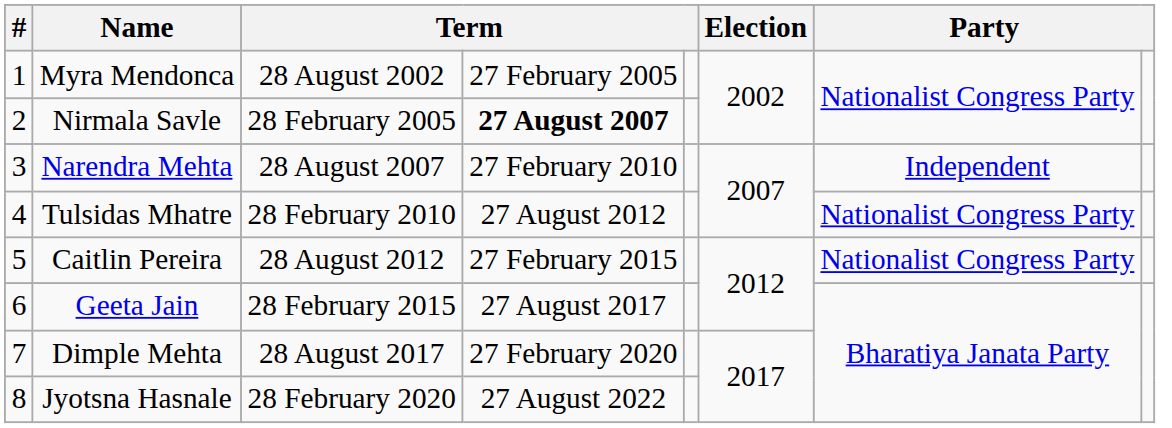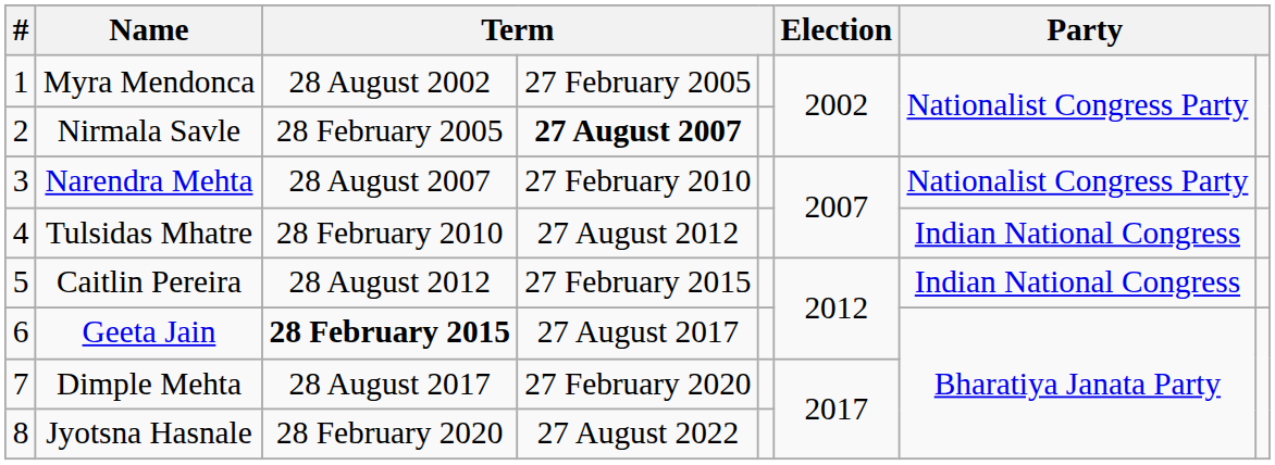 <table class="wikitable">
 <tr style="text-align:center">
 <th>#</th>
 <th>Name</th>
 <th colspan="3">Term</th>
 <th>Election</th>
 <th colspan="2">Party</th>
 </tr>
 <tr style="text-align:center">
 <td>1</td>
 <td>Myra Mendonca</td>
 <td>28 August 2002</td>
 <td>27 February 2005</td>
 <td></td>
 <td rowspan=2>2002</td>
 <td rowspan=2><a href='#'>Nationalist Congress Party</a></td>
 <td rowspan=2></td>
 </tr>
 <tr style="text-align:center">
 <td>2</td>
 <td>Nirmala Savle</td>
 <td>28 February 2005</td>
 <td><strong>27 August 2007</strong></td>
 <td></td>
 </tr>
 <tr style="text-align:center">
 <td>3</td>
 <td><a href='#'>Narendra Mehta</a></td>
 <td>28 August 2007</td>
 <td>27 February 2010</td>
 <td></td>
 <td rowspan=2>2007</td>
-<td><a href='#'>Independent</a></td>
+<td><a href='#'>Nationalist Congress Party</a></td>
 <td></td>
 </tr>
 <tr style="text-align:center">
 <td>4</td>
 <td>Tulsidas Mhatre</td>
 <td>28 February 2010</td>
 <td>27 August 2012</td>
 <td></td>
-<td><a href='#'>Nationalist Congress Party</a></td>
+<td><a href='#'>Indian National Congress</a></td>
 <td></td>
 </tr>
 <tr style="text-align:center">
 <td>5</td>
 <td>Caitlin Pereira</td>
 <td>28 August 2012</td>
 <td>27 February 2015</td>
 <td></td>
 <td rowspan=2>2012</td>
-<td><a href='#'>Nationalist Congress Party</a></td>
+<td><a href='#'>Indian National Congress</a></td>
 <td></td>
 </tr>
 <tr style="text-align:center">
 <td>6</td>
 <td><a href='#'>Geeta Jain</a></td>
-<td>28 February 2015</td>
+<td><strong>28 February 2015</strong></td>
 <td>27 August 2017</td>
 <td></td>
 <td rowspan=3><a href='#'>Bharatiya Janata Party</a></td>
 <td rowspan=3></td>
 </tr>
 <tr style="text-align:center">
 <td>7</td>
 <td>Dimple Mehta</td>
 <td>28 August 2017</td>
 <td>27 February 2020</td>
 <td></td>
 <td rowspan=2>2017</td>
 </tr>
 <tr style="text-align:center">
 <td>8</td>
 <td>Jyotsna Hasnale</td>
 <td>28 February 2020</td>
 <td>27 August 2022</td>
 <td></td>
 </tr>
 </table>
